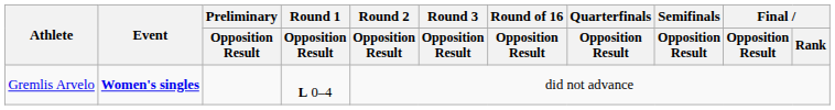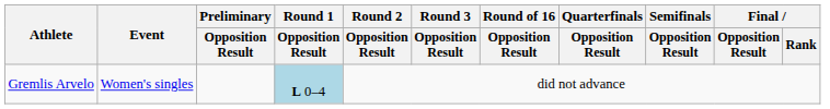 <table class="wikitable" style="font-size:90%;">
 <tr>
 <th rowspan=2>Athlete</th>
 <th rowspan=2>Event</th>
 <th>Preliminary</th>
 <th>Round 1</th>
 <th>Round 2</th>
 <th>Round 3</th>
 <th>Round of 16</th>
 <th>Quarterfinals</th>
 <th>Semifinals</th>
 <th colspan=2>Final / </th>
 </tr>
 <tr style="font-size:95%">
 <th>Opposition<br>Result</th>
 <th>Opposition<br>Result</th>
 <th>Opposition<br>Result</th>
 <th>Opposition<br>Result</th>
 <th>Opposition<br>Result</th>
 <th>Opposition<br>Result</th>
 <th>Opposition<br>Result</th>
 <th>Opposition<br>Result</th>
 <th>Rank</th>
 </tr>
 <tr align=center>
 <td align=left><a href='#'>Gremlis Arvelo</a></td>
-<td align=left><strong><a href='#'>Women's singles</a></strong></td>
+<td align=left><a href='#'>Women's singles</a></td>
 <td></td>
-<td><br><strong>L</strong> 0–4</td>
+<td style="background: lightblue;"><br><strong>L</strong> 0–4</td>
 <td colspan=7>did not advance</td>
 </tr>
 </table>
